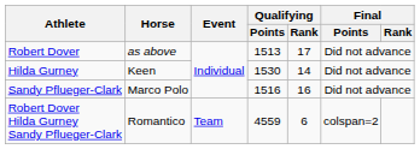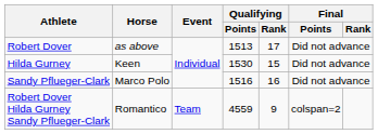 <table class=wikitable style=font-size:90%;text-align:center>
 <tr>
 <th rowspan=2>Athlete</th>
 <th rowspan=2>Horse</th>
 <th rowspan=2>Event</th>
 <th colspan=2>Qualifying</th>
 <th colspan=2>Final</th>
 </tr>
 <tr style=font-size:95%>
 <th>Points</th>
 <th>Rank</th>
 <th>Points</th>
 <th>Rank</th>
 </tr>
 <tr>
 <td align=left><a href='#'>Robert Dover</a></td>
 <td align=left><em>as above</em></td>
 <td align=left rowspan=3><a href='#'>Individual</a></td>
 <td>1513</td>
 <td>17</td>
 <td colspan=2>Did not advance</td>
 </tr>
 <tr>
 <td align=left><a href='#'>Hilda Gurney</a></td>
 <td align=left>Keen</td>
 <td>1530</td>
-<td>14</td>
+<td>15</td>
 <td colspan=2>Did not advance</td>
 </tr>
 <tr>
 <td align=left><a href='#'>Sandy Pflueger-Clark</a></td>
 <td align=left>Marco Polo</td>
 <td>1516</td>
 <td>16</td>
 <td colspan=2>Did not advance</td>
 </tr>
 <tr>
 <td align=left><a href='#'>Robert Dover</a><br><a href='#'>Hilda Gurney</a><br><a href='#'>Sandy Pflueger-Clark</a></td>
 <td align=left>Romantico</td>
 <td align=left><a href='#'>Team</a></td>
 <td>4559</td>
-<td>6</td>
+<td>9</td>
 <td>colspan=2 </td>
 </tr>
 </table>
